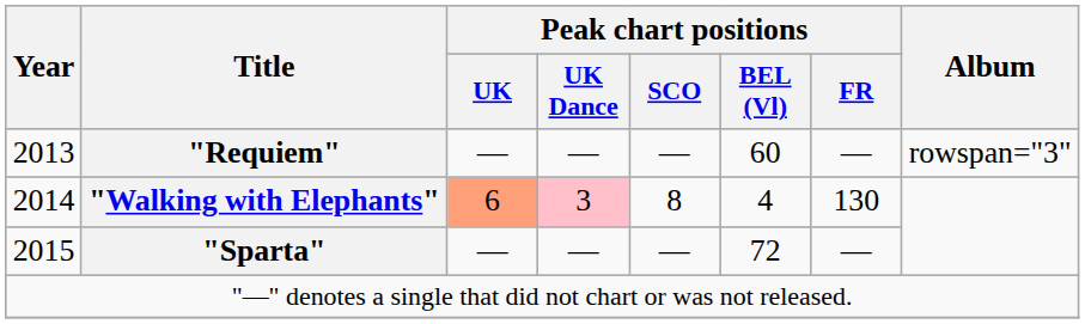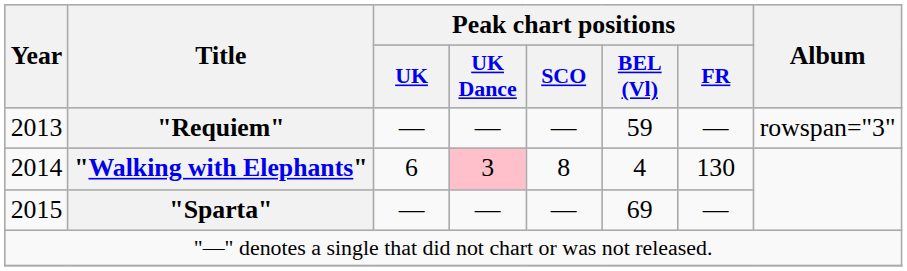 <table class="wikitable plainrowheaders" style="text-align:center;">
 <tr>
 <th scope="col" rowspan="2">Year</th>
 <th scope="col" rowspan="2">Title</th>
 <th scope="col" colspan="5">Peak chart positions</th>
 <th scope="col" rowspan="2">Album</th>
 </tr>
 <tr>
 <th scope="col" style="width:3em;font-size:85%;"><a href='#'>UK</a><br></th>
 <th scope="col" style="width:3em;font-size:85%;"><a href='#'>UK Dance</a><br></th>
 <th scope="col" style="width:3em;font-size:85%;"><a href='#'>SCO</a><br></th>
 <th scope="col" style="width:3em;font-size:85%;"><a href='#'>BEL (Vl)</a><br></th>
 <th scope="col" style="width:3em;font-size:85%;"><a href='#'>FR</a><br></th>
 </tr>
 <tr>
 <td>2013</td>
 <th scope="row">"Requiem"</th>
 <td>—</td>
 <td>—</td>
 <td>—</td>
-<td>60</td>
+<td>59</td>
 <td>—</td>
 <td>rowspan="3" </td>
 </tr>
 <tr>
 <td>2014</td>
 <th scope="row">"<a href='#'>Walking with Elephants</a>"</th>
-<td style="background: lightsalmon;">6</td>
+<td>6</td>
 <td style="background: pink;">3</td>
 <td>8</td>
 <td>4</td>
 <td>130</td>
 </tr>
 <tr>
 <td>2015</td>
 <th scope="row">"Sparta"</th>
 <td>—</td>
 <td>—</td>
 <td>—</td>
-<td>72</td>
+<td>69</td>
 <td>—</td>
 </tr>
 <tr>
 <td colspan="14" style="font-size:85%">"—" denotes a single that did not chart or was not released.</td>
 </tr>
 <tr>
 </tr>
 </table>
